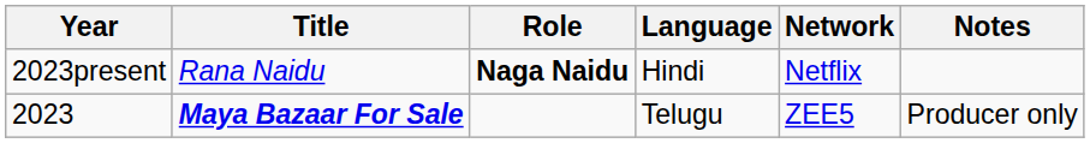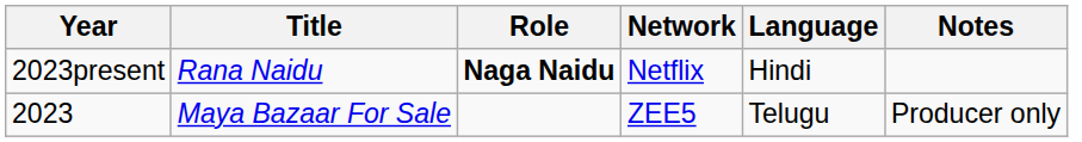 <table class="wikitable ">
 <tr>
 <th scope="col">Year</th>
 <th scope="col">Title</th>
 <th scope="col">Role</th>
+<th scope="col">Network</th>
 <th scope="col">Language</th>
-<th scope="col">Network</th>
 <th>Notes</th>
 </tr>
 <tr>
 <td>2023present</td>
 <td><em><a href='#'>Rana Naidu</a></em></td>
 <td><strong>Naga Naidu</strong></td>
+<td><a href='#'>Netflix</a></td>
 <td>Hindi</td>
-<td><a href='#'>Netflix</a></td>
 <td></td>
 </tr>
 <tr>
 <td>2023</td>
-<td><strong><em><a href='#'>Maya Bazaar For Sale</a></em></strong></td>
+<td><em><a href='#'>Maya Bazaar For Sale</a></em></td>
 <td></td>
+<td><a href='#'>ZEE5</a></td>
 <td>Telugu</td>
-<td><a href='#'>ZEE5</a></td>
 <td>Producer only</td>
 </tr>
 </table>
